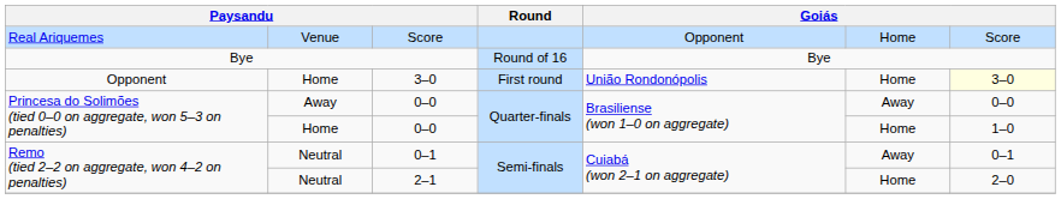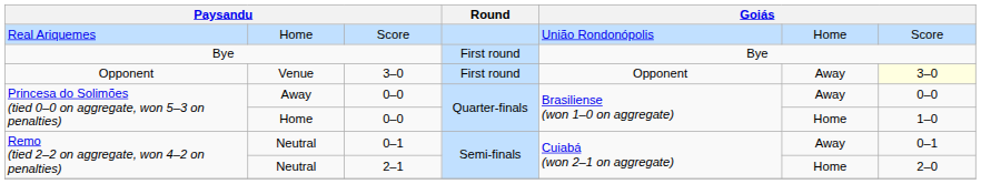 <table class="wikitable" style="text-align: center;">
 <tr>
 <th colspan=3> <a href='#'>Paysandu</a></th>
 <th>Round</th>
 <th colspan=3> <a href='#'>Goiás</a></th>
 </tr>
 <tr bgcolor=#c1e0ff>
 <td rowspan=1 align=left> <a href='#'>Real Ariquemes</a></td>
-<td width=10%>Venue</td>
+<td>Home</td>
 <td width=10%>Score</td>
 <td width=10%></td>
-<td width=25%>Opponent</td>
+<td rowspan=1 align=left> <a href='#'>União Rondonópolis</a></td>
 <td>Home</td>
 <td width=10%>Score</td>
 </tr>
 <tr>
 <td colspan="3" rowspan="1">Bye</td>
-<td rowspan=1 bgcolor=#c1e0ff>Round of 16</td>
+<td rowspan=1 bgcolor=#c1e0ff>First round</td>
 <td colspan="3" rowspan="1">Bye</td>
 </tr>
 <tr>
 <td width=25%>Opponent</td>
-<td>Home</td>
+<td width=10%>Venue</td>
 <td>3–0</td>
 <td rowspan=1 bgcolor=#c1e0ff>First round</td>
-<td rowspan=1 align=left> <a href='#'>União Rondonópolis</a></td>
-<td>Home</td>
+<td width=25%>Opponent</td>
+<td>Away</td>
 <td style="background: lightyellow;">3–0</td>
 </tr>
 <tr>
 <td rowspan=2 align=left> <a href='#'>Princesa do Solimões</a><br><em>(tied 0–0 on aggregate, won 5–3 on penalties)</em></td>
 <td>Away</td>
 <td>0–0</td>
 <td rowspan=2 bgcolor=#c1e0ff>Quarter-finals</td>
 <td rowspan=2 align=left> <a href='#'>Brasiliense</a><br><em>(won 1–0 on aggregate)</em></td>
 <td>Away</td>
 <td>0–0</td>
 </tr>
 <tr>
 <td>Home</td>
 <td>0–0</td>
 <td>Home</td>
 <td>1–0</td>
 </tr>
 <tr>
 <td rowspan=2 align=left> <a href='#'>Remo</a><br><em>(tied 2–2 on aggregate, won 4–2 on penalties)</em></td>
 <td>Neutral</td>
 <td>0–1</td>
 <td rowspan=2 bgcolor=#c1e0ff>Semi-finals</td>
 <td rowspan=2 align=left> <a href='#'>Cuiabá</a><br><em>(won 2–1 on aggregate)</em></td>
 <td>Away</td>
 <td>0–1</td>
 </tr>
 <tr>
 <td>Neutral</td>
 <td>2–1</td>
 <td>Home</td>
 <td>2–0</td>
 </tr>
 <tr>
 </tr>
 </table>
